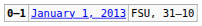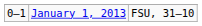 <table class="wikitable">
 <tr align="center">
 </tr>
 <tr align="center">
-<td><strong>0–1</strong></td>
+<td>0–1</td>
 <td><a href='#'>January 1, 2013</a></td>
 <td>FSU, 31–10</td>
 </tr>
 </table>
